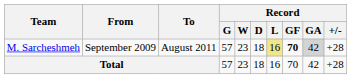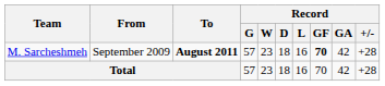 <table class="wikitable" style="text-align: center">
 <tr>
 <th rowspan="2">Team</th>
 <th rowspan="2">From</th>
 <th rowspan="2">To</th>
 <th colspan="8">Record</th>
 </tr>
 <tr>
 <th>G</th>
 <th>W</th>
 <th>D</th>
 <th>L</th>
 <th>GF</th>
 <th>GA</th>
 <th>+/-</th>
 </tr>
 <tr>
 <td><a href='#'>M. Sarcheshmeh</a></td>
 <td align="left">September 2009</td>
-<td align="left">August 2011</td>
+<td align="left"><strong>August 2011</strong></td>
 <td>57</td>
 <td>23</td>
 <td>18</td>
-<td style="background: khaki;">16</td>
+<td>16</td>
 <td><strong>70</strong></td>
-<td style="background: lightgrey;">42</td>
+<td>42</td>
 <td>+28</td>
 </tr>
 <tr>
 <th colspan="3">Total</th>
 <td>57</td>
 <td>23</td>
 <td>18</td>
 <td>16</td>
 <td>70</td>
 <td>42</td>
 <td>+28</td>
 </tr>
 </table>
